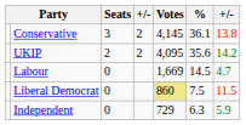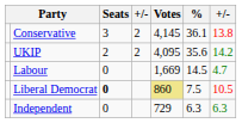 <table class="wikitable sortable">
 <tr>
 <th colspan="2">Party</th>
 <th>Seats</th>
 <th>+/-</th>
 <th>Votes</th>
 <th>%</th>
 <th>+/-</th>
 </tr>
 <tr>
 <td style="background-color: "></td>
 <td><a href='#'>Conservative</a></td>
 <td>3</td>
 <td> 2</td>
 <td>4,145</td>
 <td>36.1</td>
 <td style="color:red">13.8</td>
 </tr>
 <tr>
 <td style="background-color: "></td>
 <td><a href='#'>UKIP</a></td>
 <td>2</td>
 <td> 2</td>
 <td>4,095</td>
 <td>35.6</td>
 <td style="color:green">14.2</td>
 </tr>
 <tr>
 <td style="background-color: "></td>
 <td><a href='#'>Labour</a></td>
 <td>0</td>
 <td></td>
 <td>1,669</td>
 <td>14.5</td>
 <td style="color:green">4.7</td>
 </tr>
 <tr>
 <td style="background-color: "></td>
 <td><a href='#'>Liberal Democrat</a></td>
-<td>0</td>
+<td><strong>0</strong></td>
 <td></td>
 <td style="background: khaki;">860</td>
 <td>7.5</td>
-<td style="color:red">11.5</td>
+<td style="color:red">10.5</td>
 </tr>
 <tr>
 <td style="background-color: "></td>
 <td><a href='#'>Independent</a></td>
 <td>0</td>
 <td></td>
 <td>729</td>
 <td>6.3</td>
-<td style="color:green">5.9</td>
+<td style="color:green">6.3</td>
 </tr>
 </table>
